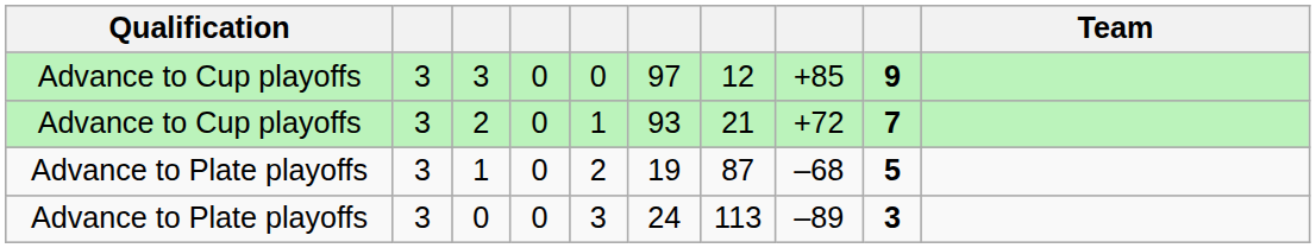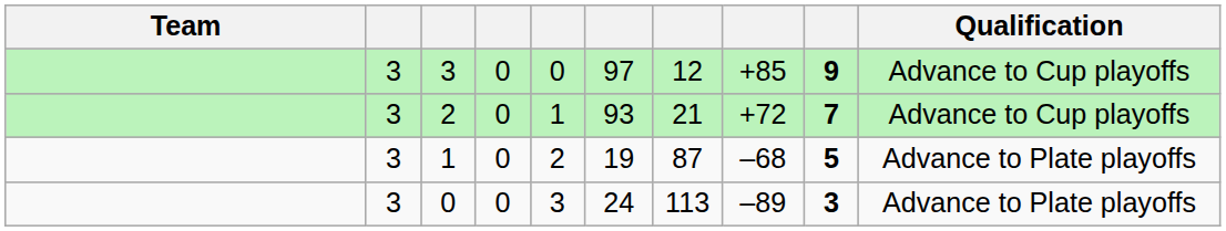 <table class="wikitable" style="text-align:center;">
 <tr>
-<th style="width:12.5em">Qualification</th>
+<th style="width:12.5em">Team</th>
 <th style="width:1.5em;"></th>
 <th style="width:1.5em;"></th>
 <th style="width:1.5em;"></th>
 <th style="width:1.5em;"></th>
 <th style="width:2.0em;"></th>
 <th style="width:2.0em;"></th>
 <th style="width:2.5em;"></th>
 <th style="width:1.5em;"></th>
-<th style="width:12.5em">Team</th>
+<th style="width:12.5em">Qualification</th>
 </tr>
 <tr bgcolor="#bbf3bb">
-<td>Advance to Cup playoffs</td>
+<td align="left"></td>
 <td>3</td>
 <td>3</td>
 <td>0</td>
 <td>0</td>
 <td>97</td>
 <td>12</td>
 <td>+85</td>
 <td><strong>9</strong></td>
-<td align="left"></td>
+<td>Advance to Cup playoffs</td>
 </tr>
 <tr bgcolor="#bbf3bb">
-<td>Advance to Cup playoffs</td>
+<td align="left"></td>
 <td>3</td>
 <td>2</td>
 <td>0</td>
 <td>1</td>
 <td>93</td>
 <td>21</td>
 <td>+72</td>
 <td><strong>7</strong></td>
-<td align="left"></td>
+<td>Advance to Cup playoffs</td>
 </tr>
 <tr>
-<td>Advance to Plate playoffs</td>
+<td align="left"></td>
 <td>3</td>
 <td>1</td>
 <td>0</td>
 <td>2</td>
 <td>19</td>
 <td>87</td>
 <td>–68</td>
 <td><strong>5</strong></td>
-<td align="left"></td>
+<td>Advance to Plate playoffs</td>
 </tr>
 <tr>
-<td>Advance to Plate playoffs</td>
+<td align="left"></td>
 <td>3</td>
 <td>0</td>
 <td>0</td>
 <td>3</td>
 <td>24</td>
 <td>113</td>
 <td>–89</td>
 <td><strong>3</strong></td>
-<td align="left"></td>
+<td>Advance to Plate playoffs</td>
 </tr>
 </table>
